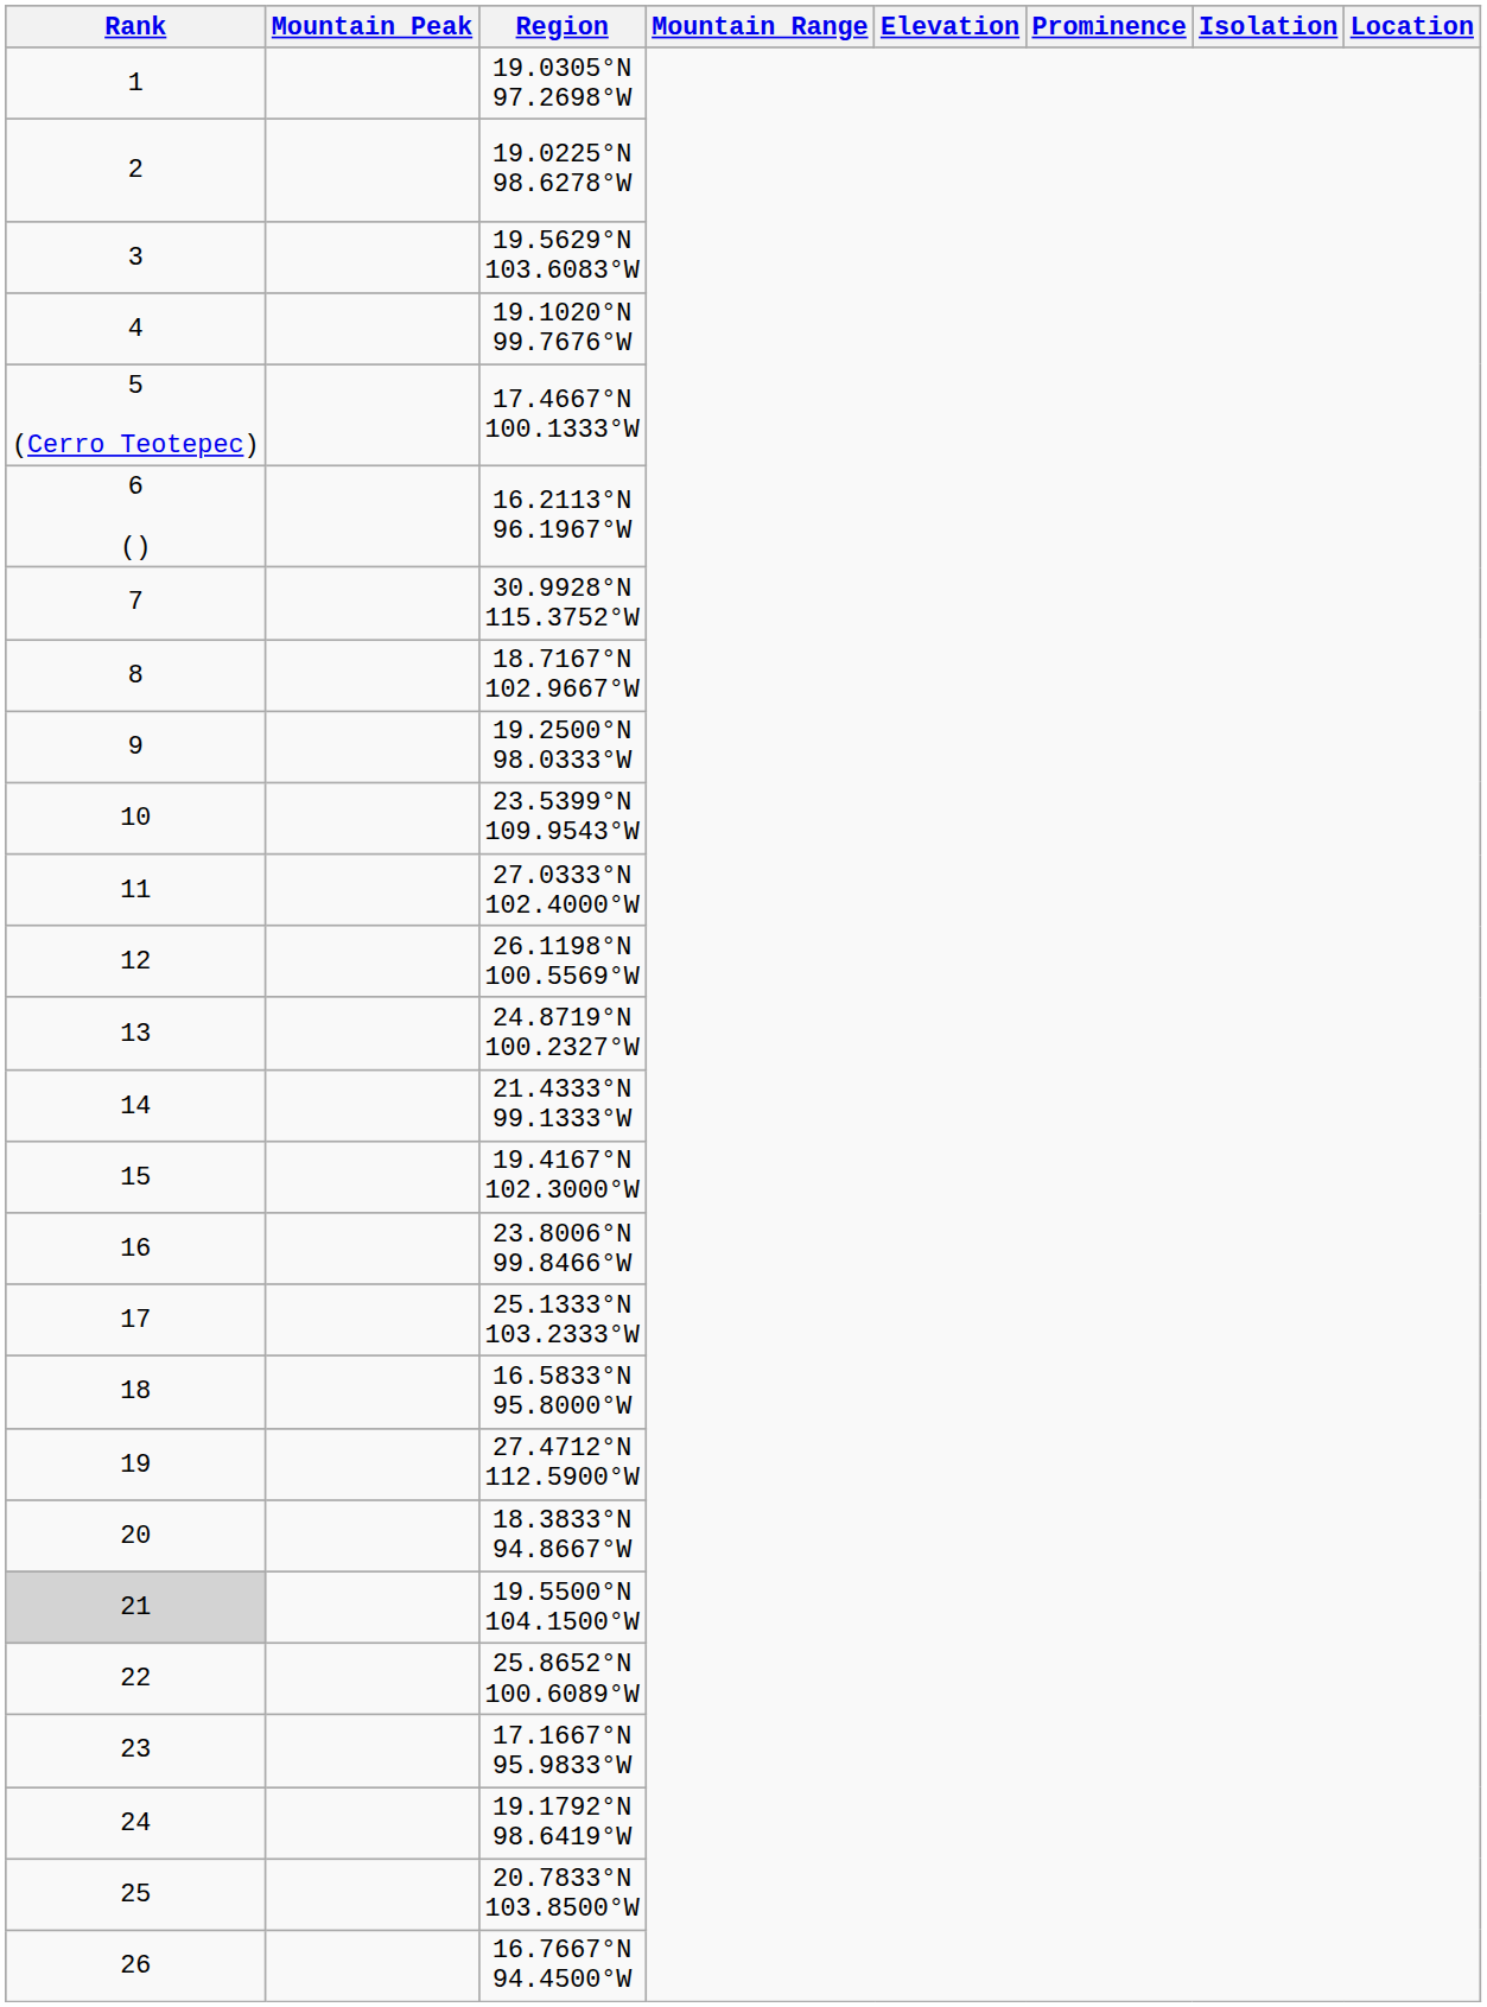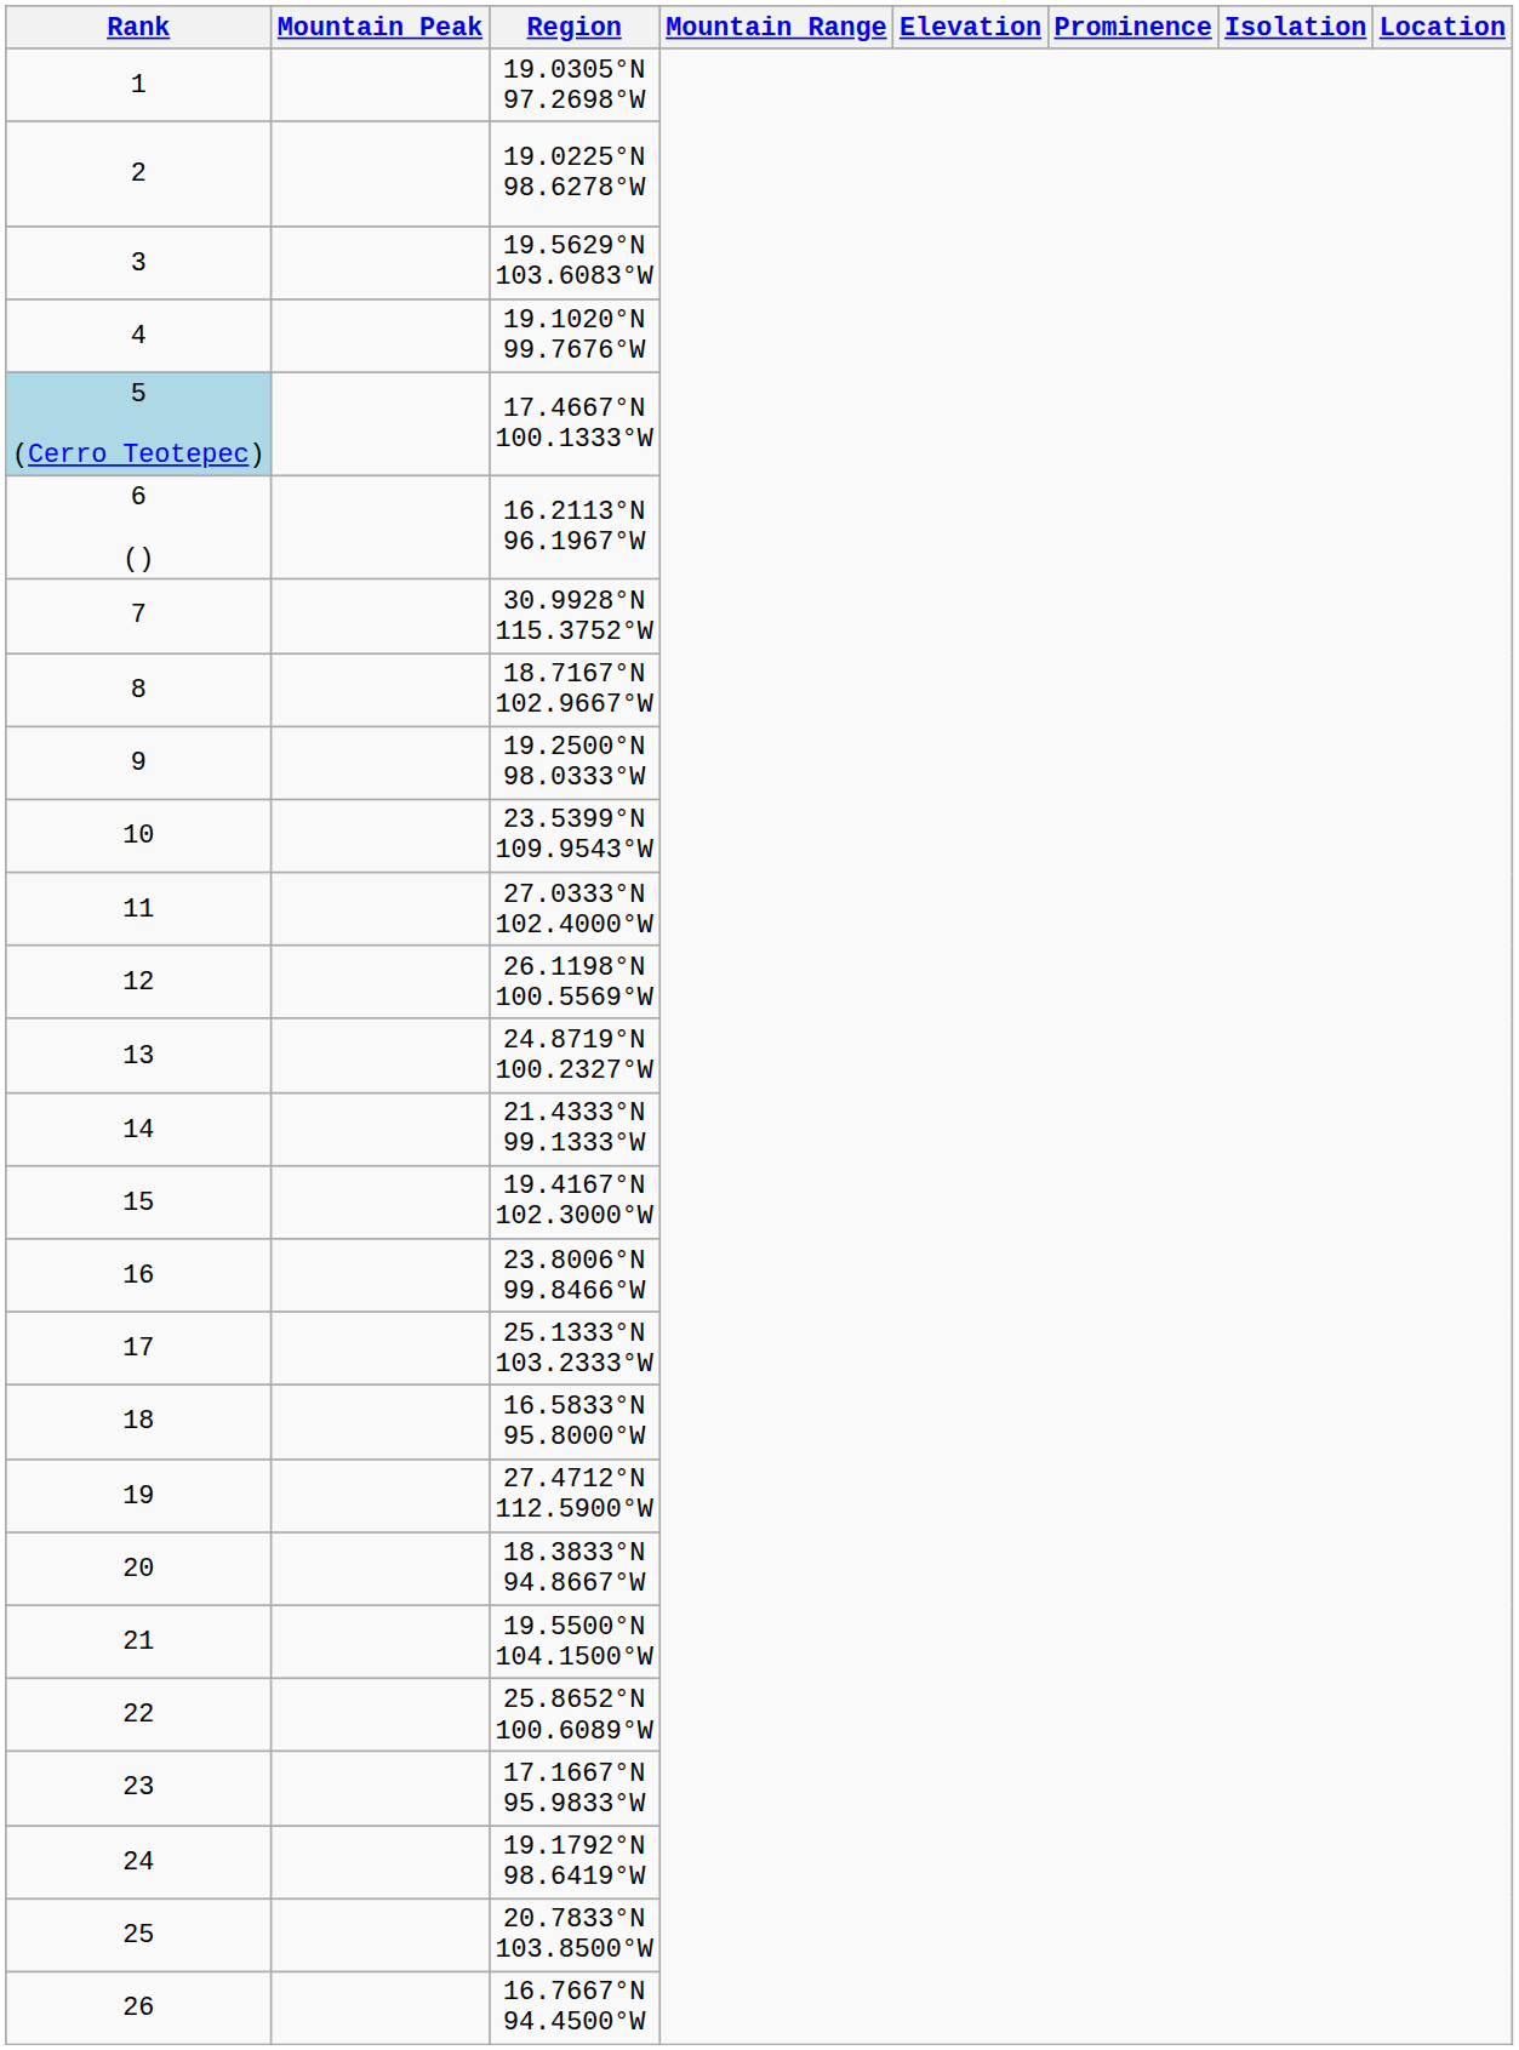 <table class="wikitable sortable">
 <tr>
 <th><a href='#'>Rank</a></th>
 <th><a href='#'>Mountain Peak</a></th>
 <th><a href='#'>Region</a></th>
 <th><a href='#'>Mountain Range</a></th>
 <th><a href='#'>Elevation</a></th>
 <th><a href='#'>Prominence</a></th>
 <th><a href='#'>Isolation</a></th>
 <th><a href='#'>Location</a></th>
 </tr>
 <tr>
 <td align=center>1<br></td>
 <td><br><br> </td>
 <td align=center>19.0305°N<br>97.2698°W</td>
 </tr>
 <tr>
 <td align=center>2<br></td>
 <td><br><br><br> </td>
 <td align=center>19.0225°N<br>98.6278°W</td>
 </tr>
 <tr>
 <td align=center>3<br></td>
 <td><br> </td>
 <td align=center>19.5629°N<br>103.6083°W</td>
 </tr>
 <tr>
 <td align=center>4<br></td>
 <td><br> </td>
 <td align=center>19.1020°N<br>99.7676°W</td>
 </tr>
 <tr>
-<td align=center>5<br><br>(<a href='#'>Cerro Teotepec</a>)</td>
+<td align=center style="background: lightblue;">5<br><br>(<a href='#'>Cerro Teotepec</a>)</td>
 <td><br> </td>
 <td align=center>17.4667°N<br>100.1333°W</td>
 </tr>
 <tr>
 <td align=center>6<br><br>()</td>
 <td><br> </td>
 <td align=center>16.2113°N<br>96.1967°W</td>
 </tr>
 <tr>
 <td align=center>7<br></td>
 <td><br> </td>
 <td align=center>30.9928°N<br>115.3752°W</td>
 </tr>
 <tr>
 <td align=center>8<br></td>
 <td><br> </td>
 <td align=center>18.7167°N<br>102.9667°W</td>
 </tr>
 <tr>
 <td align=center>9<br></td>
 <td><br><br> </td>
 <td align=center>19.2500°N<br>98.0333°W</td>
 </tr>
 <tr>
 <td align=center>10<br></td>
 <td><br> </td>
 <td align=center>23.5399°N<br>109.9543°W</td>
 </tr>
 <tr>
 <td align=center>11<br></td>
 <td><br> </td>
 <td align=center>27.0333°N<br>102.4000°W</td>
 </tr>
 <tr>
 <td align=center>12<br></td>
 <td><br> </td>
 <td align=center>26.1198°N<br>100.5569°W</td>
 </tr>
 <tr>
 <td align=center>13<br></td>
 <td><br> </td>
 <td align=center>24.8719°N<br>100.2327°W</td>
 </tr>
 <tr>
 <td align=center>14<br></td>
 <td><br> </td>
 <td align=center>21.4333°N<br>99.1333°W</td>
 </tr>
 <tr>
 <td align=center>15<br></td>
 <td><br> </td>
 <td align=center>19.4167°N<br>102.3000°W</td>
 </tr>
 <tr>
 <td align=center>16<br></td>
 <td><br> </td>
 <td align=center>23.8006°N<br>99.8466°W</td>
 </tr>
 <tr>
 <td align=center>17<br></td>
 <td><br> </td>
 <td align=center>25.1333°N<br>103.2333°W</td>
 </tr>
 <tr>
 <td align=center>18<br></td>
 <td><br> </td>
 <td align=center>16.5833°N<br>95.8000°W</td>
 </tr>
 <tr>
 <td align=center>19<br></td>
 <td><br> </td>
 <td align=center>27.4712°N<br>112.5900°W</td>
 </tr>
 <tr>
 <td align=center>20<br></td>
 <td><br> </td>
 <td align=center>18.3833°N<br>94.8667°W</td>
 </tr>
 <tr>
-<td align=center style="background: lightgrey;">21<br></td>
+<td align=center>21<br></td>
 <td><br> </td>
 <td align=center>19.5500°N<br>104.1500°W</td>
 </tr>
 <tr>
 <td align=center>22<br></td>
 <td><br> </td>
 <td align=center>25.8652°N<br>100.6089°W</td>
 </tr>
 <tr>
 <td align=center>23<br></td>
 <td><br> </td>
 <td align=center>17.1667°N<br>95.9833°W</td>
 </tr>
 <tr>
 <td align=center>24<br></td>
 <td><br><br> </td>
 <td align=center>19.1792°N<br>98.6419°W</td>
 </tr>
 <tr>
 <td align=center>25<br></td>
 <td><br> </td>
 <td align=center>20.7833°N<br>103.8500°W</td>
 </tr>
 <tr>
 <td align=center>26<br></td>
 <td><br> </td>
 <td align=center>16.7667°N<br>94.4500°W</td>
 </tr>
 </table>
